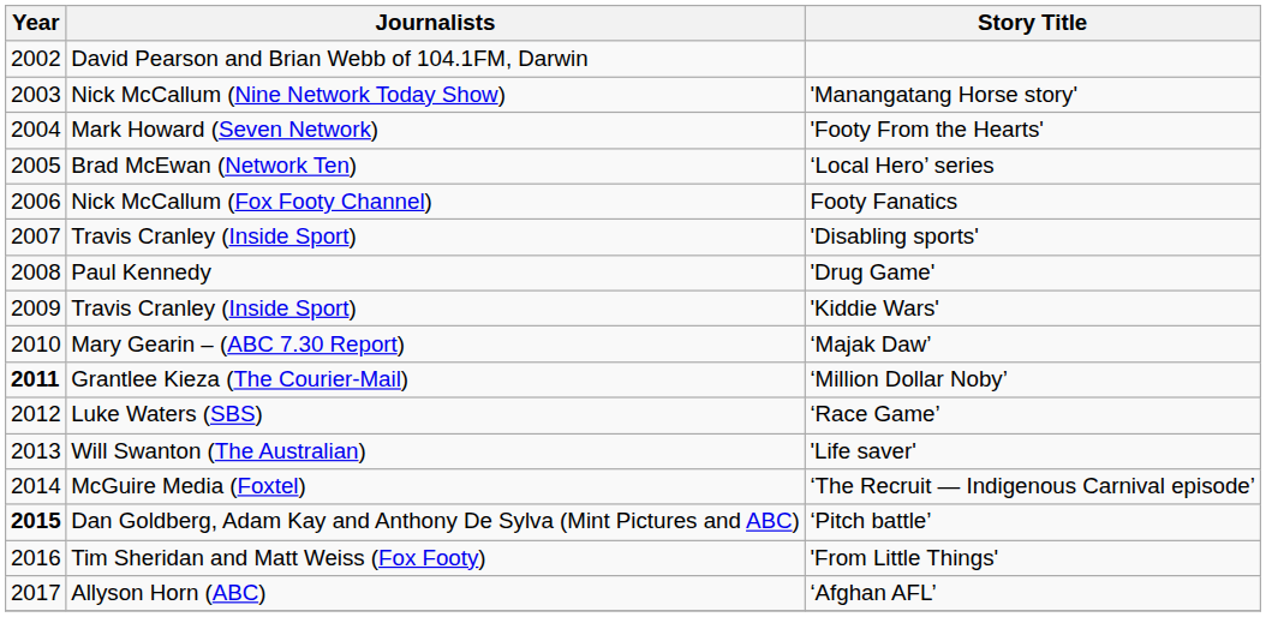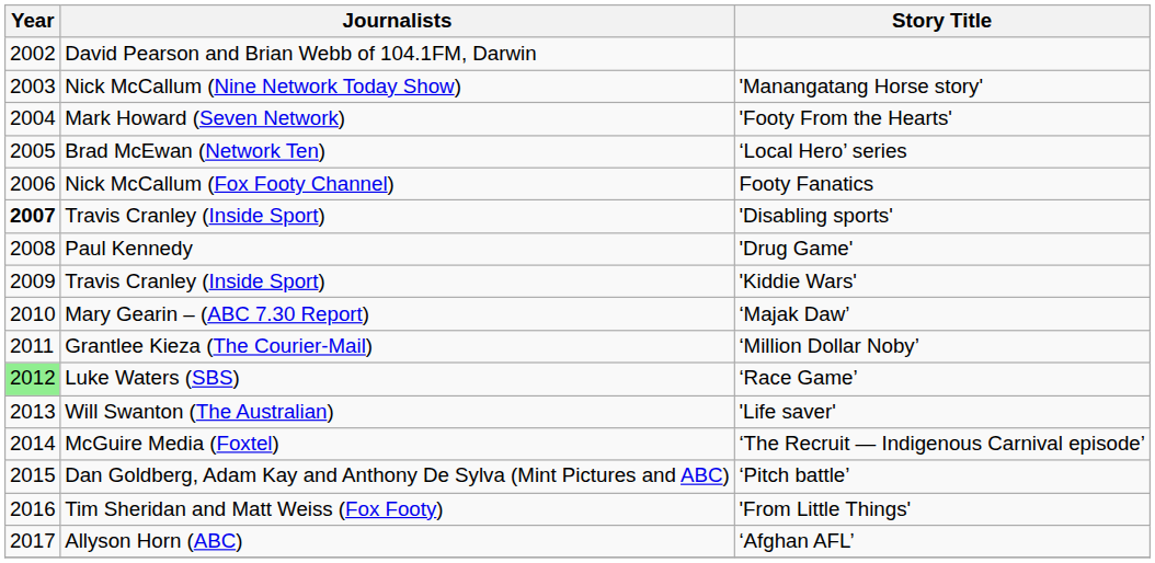 <table class="wikitable">
 <tr>
 <th>Year</th>
 <th>Journalists</th>
 <th>Story Title</th>
 </tr>
 <tr>
 <td>2002</td>
 <td>David Pearson and Brian Webb of 104.1FM, Darwin</td>
 </tr>
 <tr>
 <td>2003</td>
 <td>Nick McCallum  (<a href='#'>Nine Network Today Show</a>)</td>
 <td>'Manangatang Horse story'</td>
 </tr>
 <tr>
 <td>2004</td>
 <td>Mark Howard (<a href='#'>Seven Network</a>)</td>
 <td>'Footy From the Hearts'</td>
 </tr>
 <tr>
 <td>2005</td>
 <td>Brad McEwan (<a href='#'>Network Ten</a>)</td>
 <td>‘Local Hero’ series</td>
 </tr>
 <tr>
 <td>2006</td>
 <td>Nick McCallum (<a href='#'>Fox Footy Channel</a>)</td>
 <td>Footy Fanatics</td>
 </tr>
 <tr>
-<td>2007</td>
+<td><strong>2007</strong></td>
 <td>Travis Cranley (<a href='#'>Inside Sport</a>)</td>
 <td>'Disabling sports'</td>
 </tr>
 <tr>
 <td>2008</td>
 <td>Paul Kennedy</td>
 <td>'Drug Game'</td>
 </tr>
 <tr>
 <td>2009</td>
 <td>Travis Cranley (<a href='#'>Inside Sport</a>)</td>
 <td>'Kiddie Wars'</td>
 </tr>
 <tr>
 <td>2010</td>
 <td>Mary Gearin – (<a href='#'>ABC 7.30 Report</a>)</td>
 <td>‘Majak Daw’</td>
 </tr>
 <tr>
-<td><strong>2011</strong></td>
+<td>2011</td>
 <td>Grantlee Kieza (<a href='#'>The Courier-Mail</a>)</td>
 <td>‘Million Dollar Noby’</td>
 </tr>
 <tr>
-<td>2012</td>
+<td style="background: lightgreen;">2012</td>
 <td>Luke Waters (<a href='#'>SBS</a>)</td>
 <td>‘Race Game’</td>
 </tr>
 <tr>
 <td>2013</td>
 <td>Will Swanton  (<a href='#'>The Australian</a>)</td>
 <td>'Life saver'</td>
 </tr>
 <tr>
 <td>2014</td>
 <td>McGuire Media (<a href='#'>Foxtel</a>)</td>
 <td>‘The Recruit — Indigenous Carnival episode’</td>
 </tr>
 <tr>
-<td><strong>2015</strong></td>
+<td>2015</td>
 <td>Dan Goldberg, Adam Kay and Anthony De Sylva (Mint Pictures and <a href='#'>ABC</a>)</td>
 <td>‘Pitch battle’</td>
 </tr>
 <tr>
 <td>2016</td>
 <td>Tim Sheridan and Matt Weiss (<a href='#'>Fox Footy</a>)</td>
 <td>'From Little Things'</td>
 </tr>
 <tr>
 <td>2017</td>
 <td>Allyson Horn (<a href='#'>ABC</a>)</td>
 <td>‘Afghan AFL’</td>
 </tr>
 <tr>
 </tr>
 </table>
